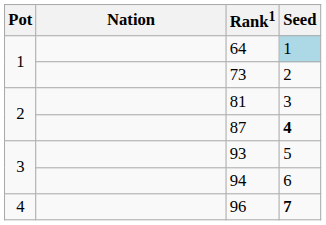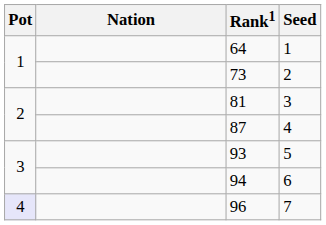 <table class="wikitable">
 <tr>
 <th>Pot</th>
 <th width="175">Nation</th>
 <th>Rank<sup>1</sup></th>
 <th>Seed</th>
 </tr>
 <tr>
 <td rowspan=2 style="text-align:center;">1</td>
 <td></td>
 <td>64</td>
-<td style="background: lightblue;">1</td>
+<td>1</td>
 </tr>
 <tr>
 <td></td>
 <td>73</td>
 <td>2</td>
 </tr>
 <tr>
 <td rowspan=2 style="text-align:center;">2</td>
 <td></td>
 <td>81</td>
 <td>3</td>
 </tr>
 <tr>
 <td></td>
 <td>87</td>
-<td><strong>4</strong></td>
+<td>4</td>
 </tr>
 <tr>
 <td rowspan=2 style="text-align:center;">3</td>
 <td></td>
 <td>93</td>
 <td>5</td>
 </tr>
 <tr>
 <td></td>
 <td>94</td>
 <td>6</td>
 </tr>
 <tr>
-<td style="text-align:center;">4</td>
+<td style="background: lavender; text-align:center;">4</td>
 <td></td>
 <td>96</td>
-<td><strong>7</strong></td>
+<td>7</td>
 </tr>
 </table>
